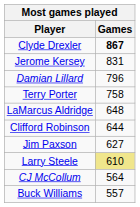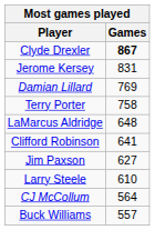 <table class="wikitable sortable" style="text-align:center">
 <tr>
 <th colspan="2" style="text-align:center; ">Most games played</th>
 </tr>
 <tr>
 <th style="text-align:center; ">Player</th>
 <th style="text-align:center; ">Games</th>
 </tr>
 <tr>
 <td><a href='#'>Clyde Drexler</a></td>
 <td><strong>867</strong></td>
 </tr>
 <tr>
 <td><a href='#'>Jerome Kersey</a></td>
 <td>831</td>
 </tr>
 <tr>
 <td><em><a href='#'>Damian Lillard</a></em></td>
-<td>796</td>
+<td>769</td>
 </tr>
 <tr>
 <td><a href='#'>Terry Porter</a></td>
 <td>758</td>
 </tr>
 <tr>
 <td><a href='#'>LaMarcus Aldridge</a></td>
 <td>648</td>
 </tr>
 <tr>
 <td><a href='#'>Clifford Robinson</a></td>
-<td>644</td>
+<td>641</td>
 </tr>
 <tr>
 <td><a href='#'>Jim Paxson</a></td>
 <td>627</td>
 </tr>
 <tr>
 <td><a href='#'>Larry Steele</a></td>
-<td style="background: khaki;">610</td>
+<td>610</td>
 </tr>
 <tr>
 <td><em><a href='#'>CJ McCollum</a></em></td>
 <td>564</td>
 </tr>
 <tr>
 <td><a href='#'>Buck Williams</a></td>
 <td>557</td>
 </tr>
 </table>
